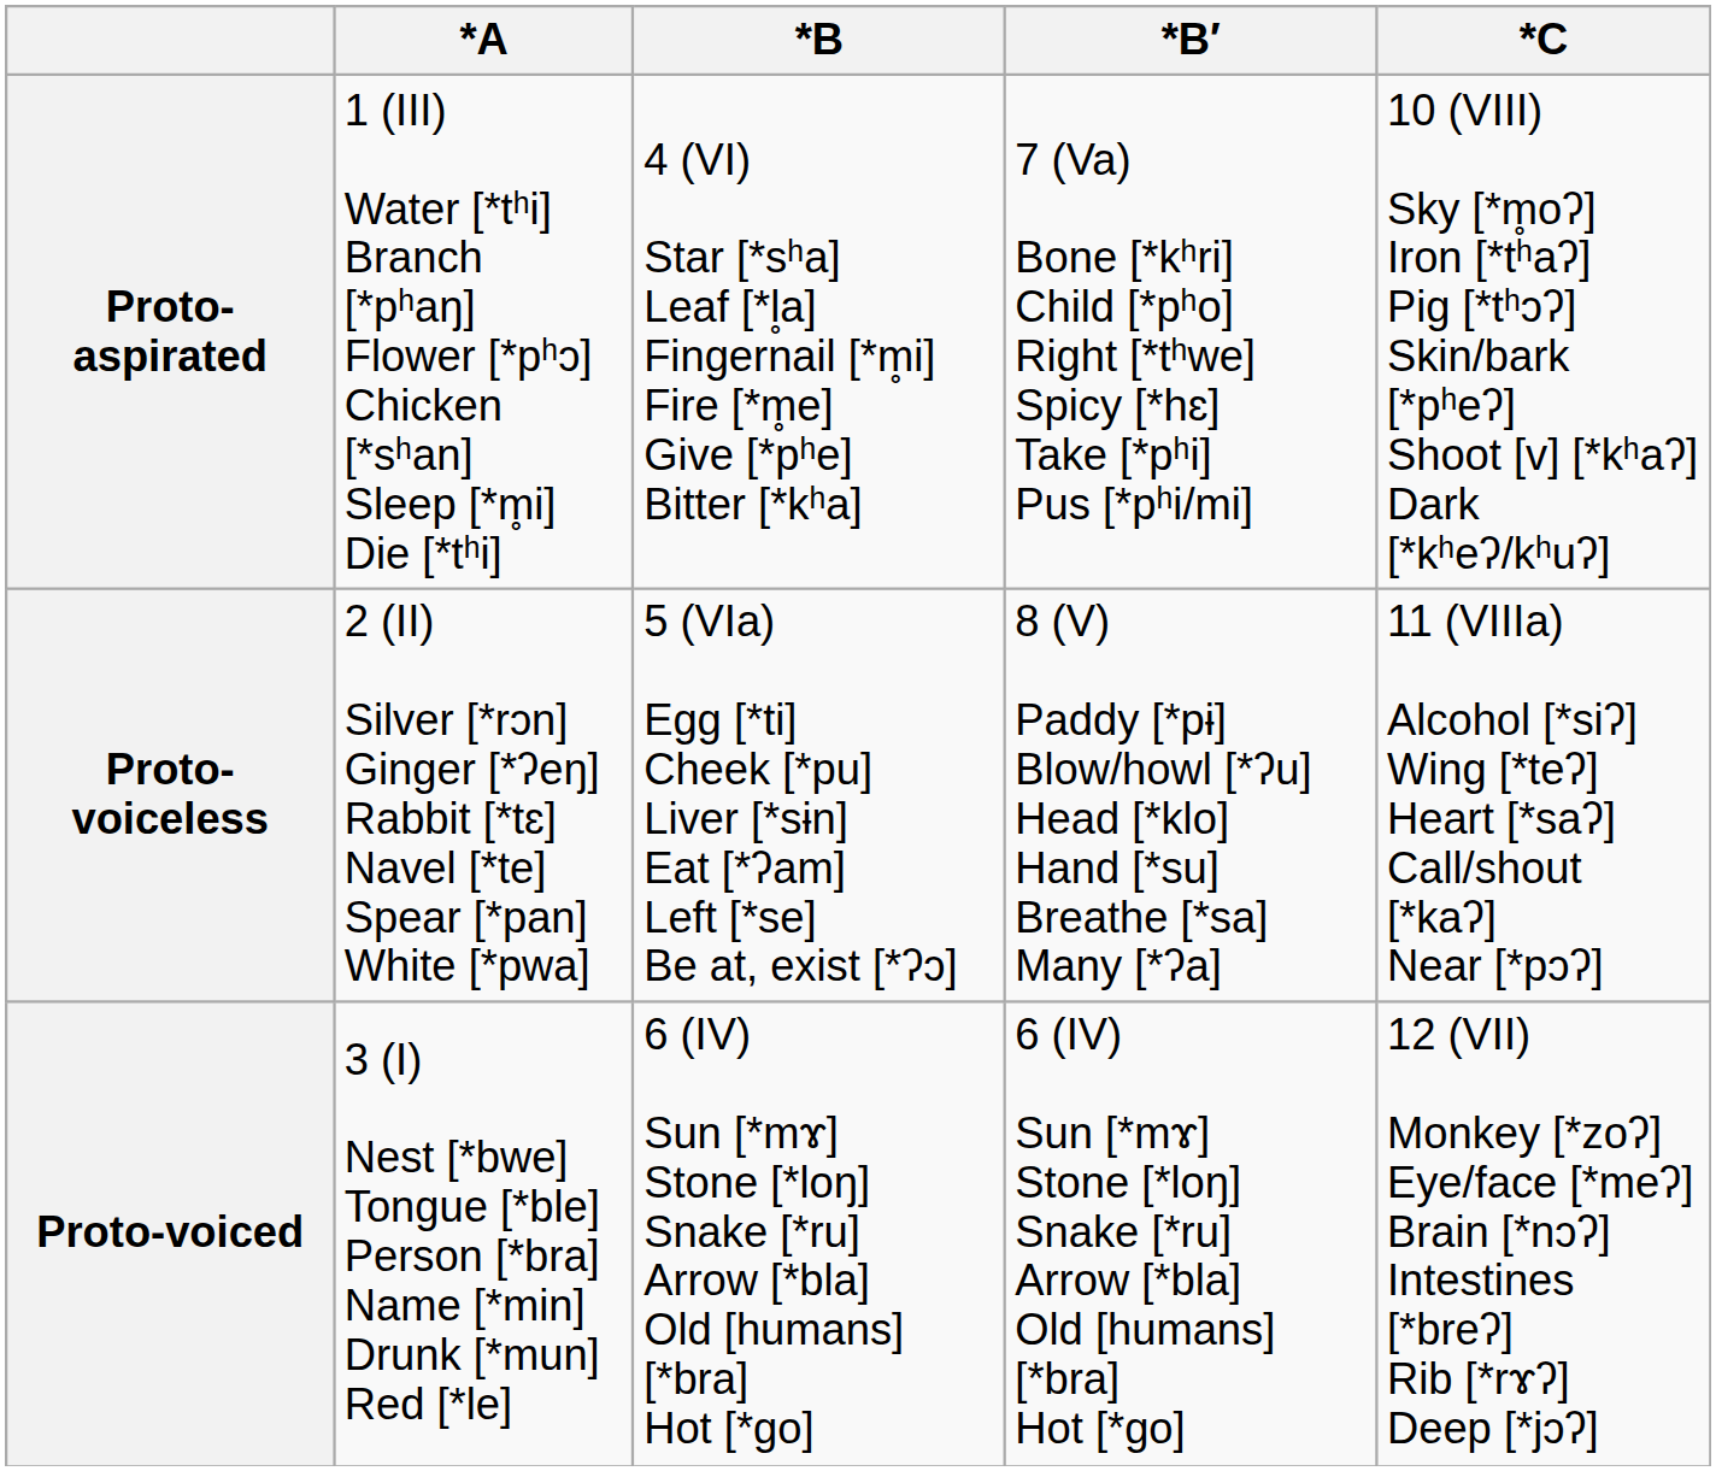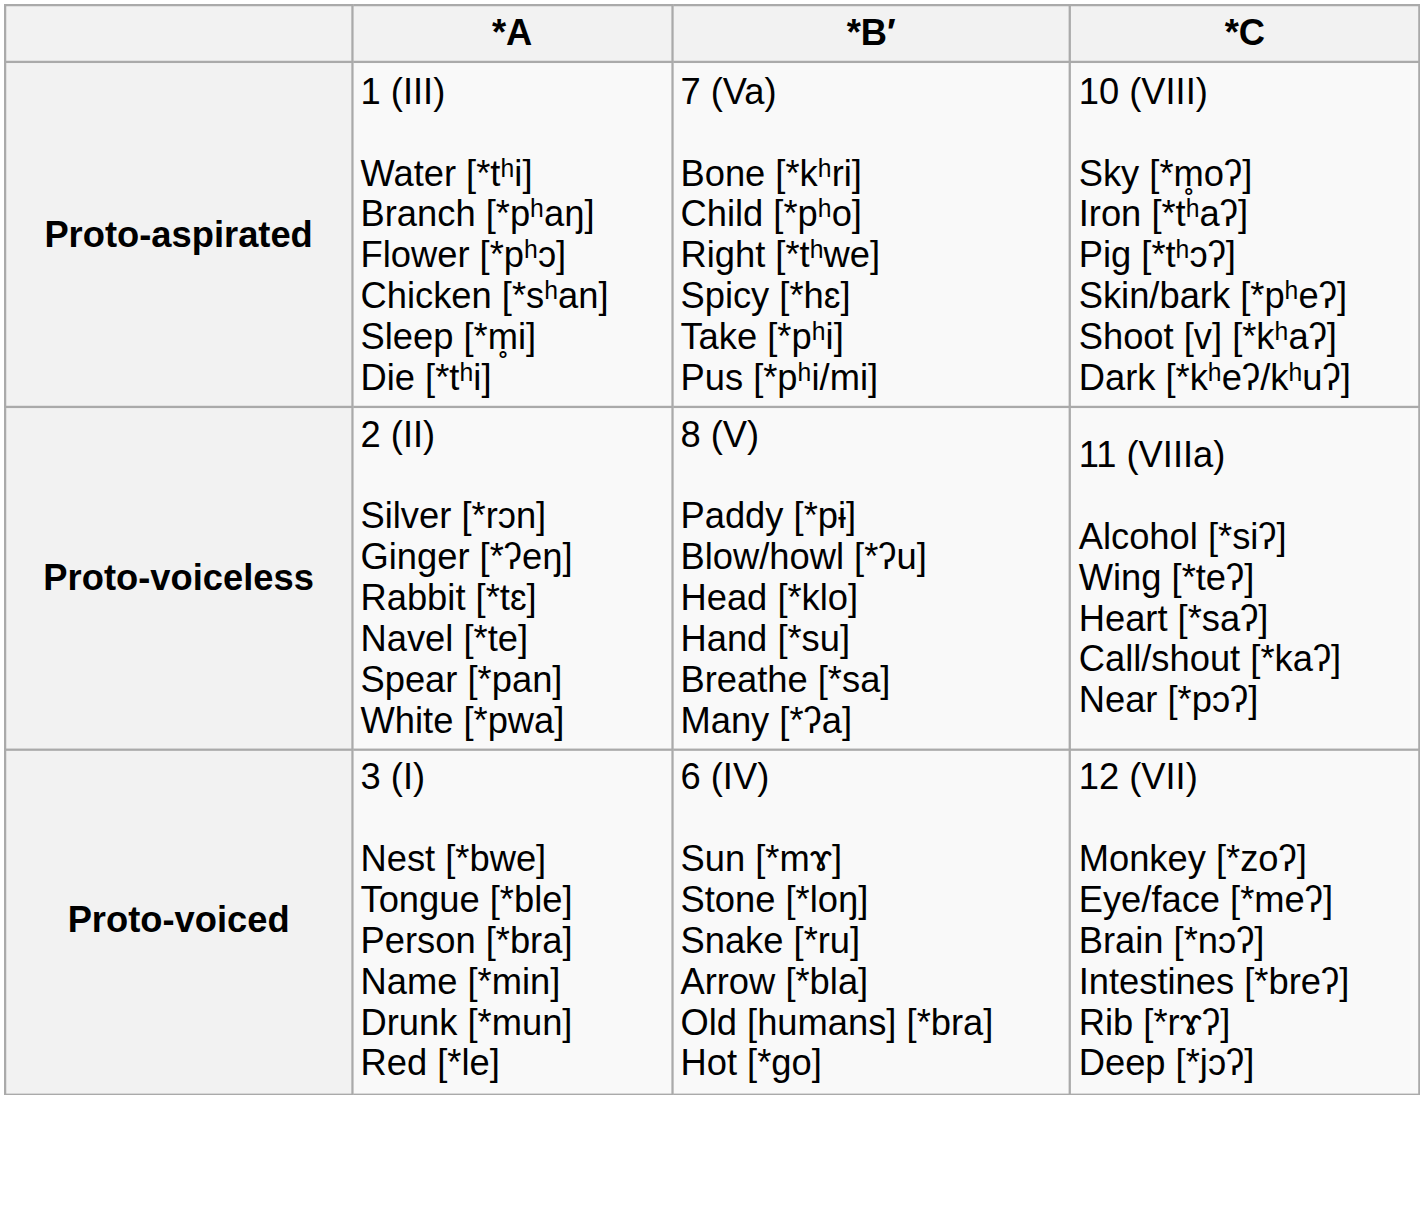 <table class="wikitable" style="margin:auto:" style="text-align:center" width="100%">
 <tr>
 <th></th>
 <th>*A</th>
-<th>*B</th>
 <th>*B′</th>
 <th>*C</th>
 </tr>
 <tr>
 <th>Proto-aspirated<br></th>
 <td>1 (III)<br><br>Water [*tʰi]<br> Branch [*pʰaŋ]<br> Flower [*pʰɔ]<br> Chicken [*sʰan]<br> Sleep [*m̥i]<br> Die [*tʰi]<br></td>
-<td>4 (VI)<br><br>Star [*sʰa]<br> Leaf [*l̥a]<br> Fingernail [*m̥i]<br> Fire [*m̥e]<br> Give [*pʰe]<br> Bitter [*kʰa]<br></td>
 <td>7 (Va)<br><br>Bone [*kʰri]<br> Child [*pʰo]<br> Right [*tʰwe]<br> Spicy [*hɛ]<br> Take [*pʰi]<br> Pus [*pʰi/mi]<br></td>
 <td>10 (VIII)<br><br>Sky [*m̥oʔ]<br> Iron [*tʰaʔ]<br> Pig [*tʰɔʔ]<br> Skin/bark [*pʰeʔ]<br> Shoot [v] [*kʰaʔ]<br> Dark [*kʰeʔ/kʰuʔ]<br></td>
 </tr>
 <tr>
 <th>Proto-voiceless<br></th>
 <td>2 (II)<br><br>Silver [*rɔn]<br> Ginger [*ʔeŋ]<br> Rabbit [*tɛ]<br> Navel [*te]<br> Spear [*pan]<br> White [*pwa]<br></td>
-<td>5 (VIa)<br><br>Egg [*ti]<br> Cheek [*pu]<br> Liver [*sɨn]<br> Eat [*ʔam]<br> Left [*se]<br> Be at, exist [*ʔɔ]<br></td>
 <td>8 (V)<br><br>Paddy [*pɨ]<br> Blow/howl [*ʔu]<br> Head [*klo]<br> Hand [*su]<br> Breathe [*sa]<br> Many [*ʔa]<br></td>
 <td>11 (VIIIa)<br><br>Alcohol [*siʔ]<br> Wing [*teʔ]<br> Heart [*saʔ]<br> Call/shout [*kaʔ]<br> Near [*pɔʔ]<br></td>
 </tr>
 <tr>
 <th>Proto-voiced<br></th>
 <td>3 (I)<br><br>Nest [*bwe]<br> Tongue [*ble]<br> Person [*bra]<br> Name [*min]<br> Drunk [*mun]<br> Red [*le]<br></td>
 <td>6 (IV)<br><br>Sun [*mɤ]<br> Stone [*loŋ]<br> Snake [*ru]<br> Arrow [*bla]<br> Old [humans] [*bra]<br> Hot [*go]<br></td>
-<td>6 (IV)<br><br>Sun [*mɤ]<br> Stone [*loŋ]<br> Snake [*ru]<br> Arrow [*bla]<br> Old [humans] [*bra]<br> Hot [*go]<br></td>
 <td>12 (VII)<br><br>Monkey [*zoʔ]<br> Eye/face [*meʔ]<br> Brain [*nɔʔ]<br> Intestines [*breʔ]<br> Rib [*rɤʔ]<br> Deep [*jɔʔ]</td>
 </tr>
 </table>
